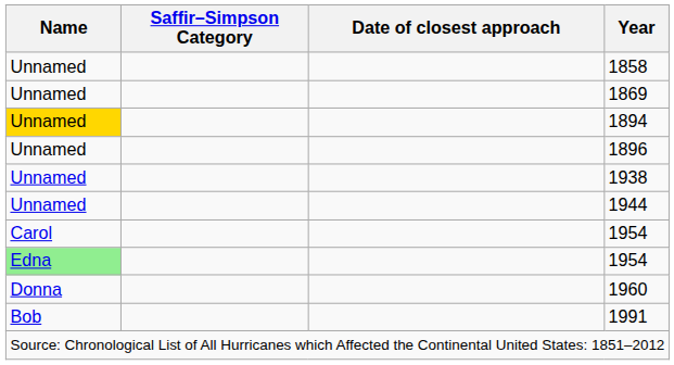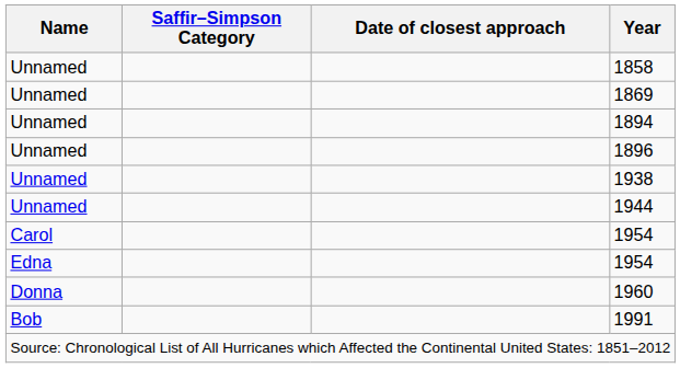 <table class = "wikitable" style="margin:1em auto;">
 <tr>
 <th>Name</th>
 <th><a href='#'>Saffir–Simpson</a><br>Category</th>
 <th>Date of closest approach</th>
 <th>Year</th>
 </tr>
 <tr>
 <td>Unnamed</td>
 <td></td>
 <td></td>
 <td>1858</td>
 </tr>
 <tr>
 <td>Unnamed</td>
 <td></td>
 <td></td>
 <td>1869</td>
 </tr>
 <tr>
-<td style="background: gold;">Unnamed</td>
+<td>Unnamed</td>
 <td></td>
 <td></td>
 <td>1894</td>
 </tr>
 <tr>
 <td>Unnamed</td>
 <td></td>
 <td></td>
 <td>1896</td>
 </tr>
 <tr>
 <td><a href='#'>Unnamed</a></td>
 <td></td>
 <td></td>
 <td>1938</td>
 </tr>
 <tr>
 <td><a href='#'>Unnamed</a></td>
 <td></td>
 <td></td>
 <td>1944</td>
 </tr>
 <tr>
 <td><a href='#'>Carol</a></td>
 <td></td>
 <td></td>
 <td>1954</td>
 </tr>
 <tr>
-<td style="background: lightgreen;"><a href='#'>Edna</a></td>
+<td><a href='#'>Edna</a></td>
 <td></td>
 <td></td>
 <td>1954</td>
 </tr>
 <tr>
 <td><a href='#'>Donna</a></td>
 <td></td>
 <td></td>
 <td>1960</td>
 </tr>
 <tr>
 <td><a href='#'>Bob</a></td>
 <td></td>
 <td></td>
 <td>1991</td>
 </tr>
 <tr>
 <td colspan="9"><small>Source: Chronological List of All Hurricanes which Affected the Continental United States: 1851–2012</small></td>
 </tr>
 </table>
